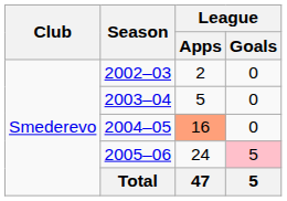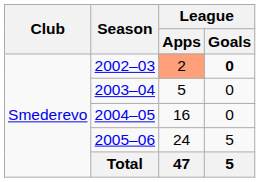 <table class="wikitable" style="text-align:center">
 <tr>
 <th rowspan="2">Club</th>
 <th rowspan="2">Season</th>
 <th colspan="2">League</th>
 </tr>
 <tr>
 <th>Apps</th>
 <th>Goals</th>
 </tr>
 <tr>
 <td rowspan="5"><a href='#'>Smederevo</a></td>
 <td><a href='#'>2002–03</a></td>
-<td>2</td>
-<td>0</td>
+<td style="background: lightsalmon;">2</td>
+<td><strong>0</strong></td>
 </tr>
 <tr>
 <td><a href='#'>2003–04</a></td>
 <td>5</td>
 <td>0</td>
 </tr>
 <tr>
 <td><a href='#'>2004–05</a></td>
-<td style="background: lightsalmon;">16</td>
+<td>16</td>
 <td>0</td>
 </tr>
 <tr>
 <td><a href='#'>2005–06</a></td>
 <td>24</td>
-<td style="background: pink;">5</td>
+<td>5</td>
 </tr>
 <tr>
 <th>Total</th>
 <th>47</th>
 <th>5</th>
 </tr>
 </table>
